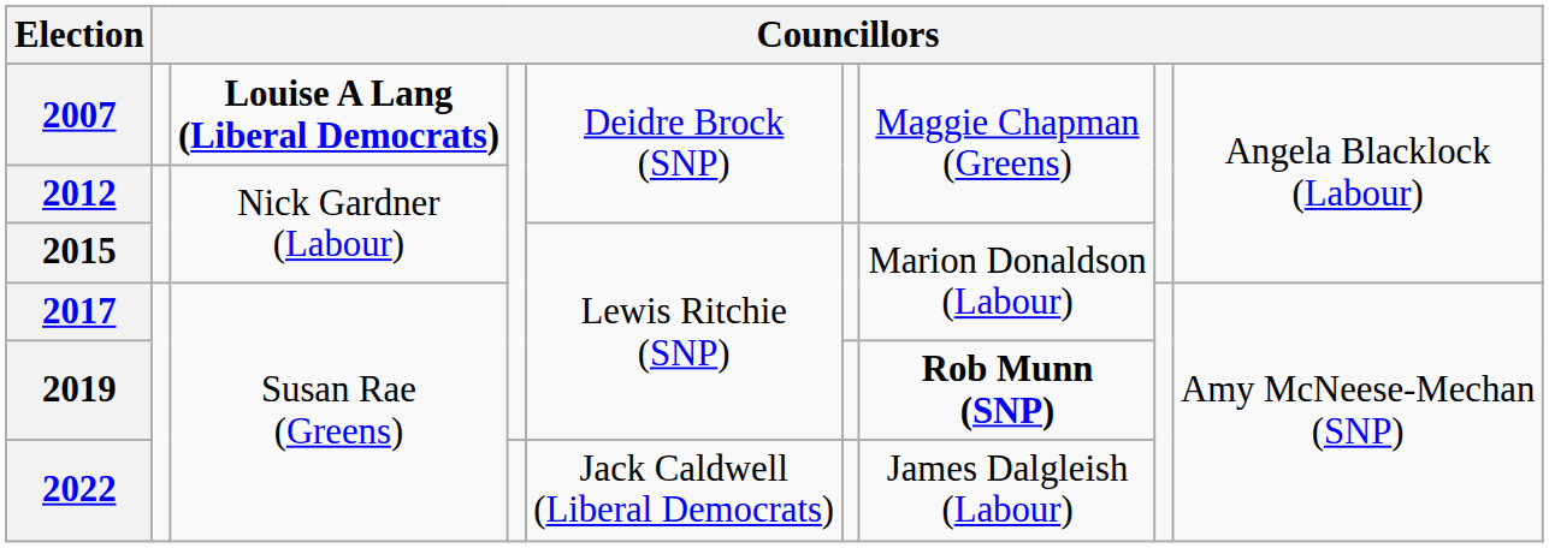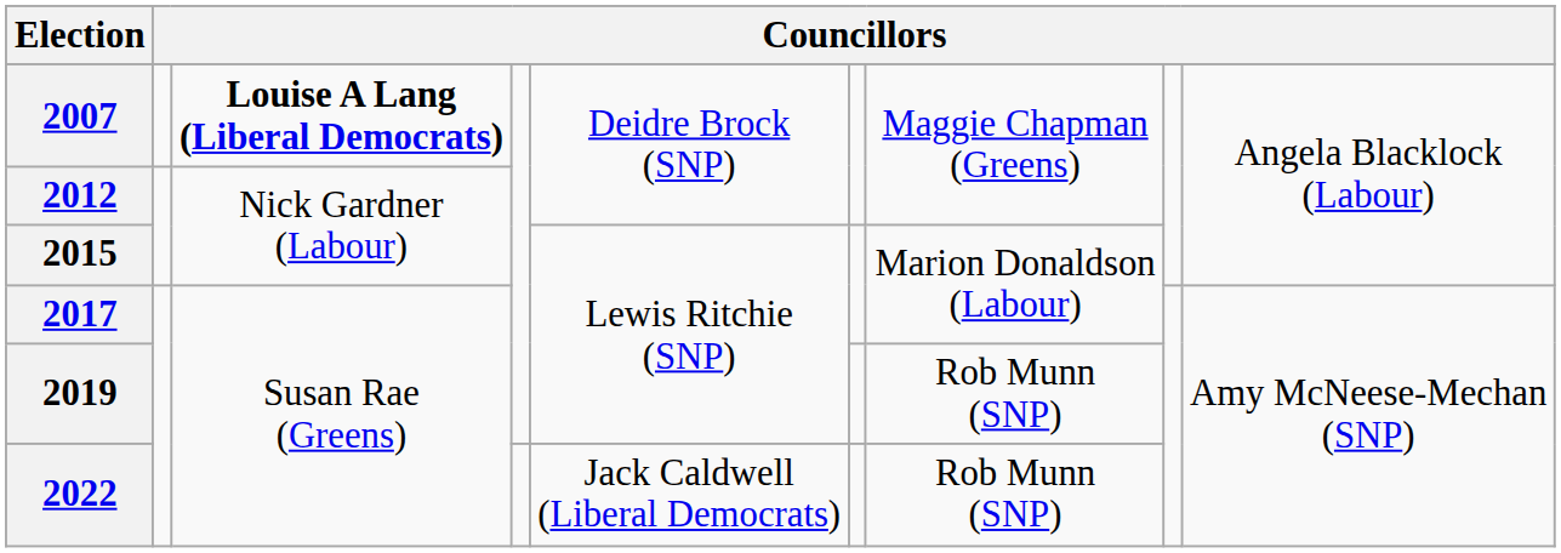 <table class="wikitable" style="text-align:center">
 <tr>
 <th>Election</th>
 <th colspan=8>Councillors</th>
 </tr>
 <tr>
 <th><a href='#'>2007</a></th>
 <td rowspan=1; style="background-color: "></td>
 <td rowspan=1><strong>Louise A Lang<br>(<a href='#'>Liberal Democrats</a>)</strong></td>
 <td rowspan=5; style="background-color: "></td>
 <td rowspan=2><a href='#'>Deidre Brock</a><br>(<a href='#'>SNP</a>)</td>
 <td rowspan=2; style="background-color: "></td>
 <td rowspan=2><a href='#'>Maggie Chapman</a><br>(<a href='#'>Greens</a>)</td>
 <td rowspan=3; style="background-color: "></td>
 <td rowspan=3>Angela Blacklock<br>(<a href='#'>Labour</a>)</td>
 </tr>
 <tr>
 <th><a href='#'>2012</a></th>
 <td rowspan=2; style="background-color: "></td>
 <td rowspan=2>Nick Gardner<br>(<a href='#'>Labour</a>)</td>
 </tr>
 <tr>
 <th>2015</th>
 <td rowspan=3>Lewis Ritchie<br>(<a href='#'>SNP</a>)</td>
 <td rowspan=2; style="background-color: "></td>
 <td rowspan=2>Marion Donaldson<br>(<a href='#'>Labour</a>)</td>
 </tr>
 <tr>
 <th><a href='#'>2017</a></th>
 <td rowspan=3; style="background-color: "></td>
 <td rowspan=3>Susan Rae<br>(<a href='#'>Greens</a>)</td>
 <td rowspan=3; style="background-color: "></td>
 <td rowspan=3>Amy McNeese-Mechan<br>(<a href='#'>SNP</a>)</td>
 </tr>
 <tr>
 <th>2019</th>
 <td rowspan=1; style="background-color: "></td>
-<td rowspan=1><strong>Rob Munn<br>(<a href='#'>SNP</a>)</strong></td>
+<td rowspan=1>Rob Munn<br>(<a href='#'>SNP</a>)</td>
 </tr>
 <tr>
 <th><a href='#'>2022</a></th>
 <td rowspan=1; style="background-color: "></td>
 <td rowspan=1>Jack Caldwell<br>(<a href='#'>Liberal Democrats</a>)</td>
 <td rowspan=1; style="background-color: "></td>
-<td rowspan=1>James Dalgleish<br>(<a href='#'>Labour</a>)</td>
+<td rowspan=1>Rob Munn<br>(<a href='#'>SNP</a>)</td>
 </tr>
 </table>
